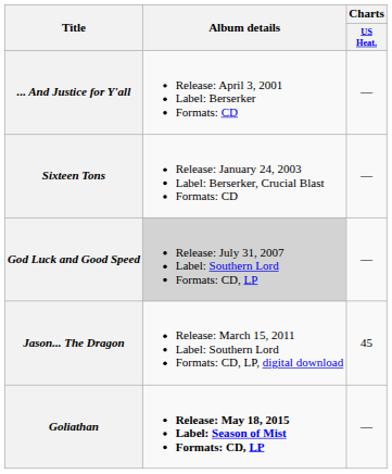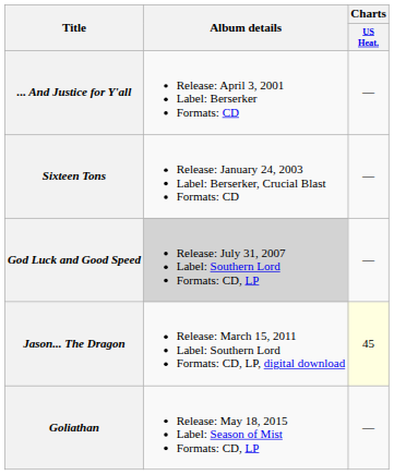 <table class="wikitable plainrowheaders">
 <tr>
 <th rowspan=2>Title</th>
 <th rowspan=2>Album details</th>
 <th>Charts</th>
 </tr>
 <tr>
 <th style="width:3em;font-size:75%;text-align:center;"><a href='#'>US<br>Heat.</a></th>
 </tr>
 <tr>
 <th scope="row"><em>... And Justice for Y'all</em></th>
 <td><br><ul><li>Release: April 3, 2001</li><li>Label: Berserker</li><li>Formats: <a href='#'>CD</a></li></ul></td>
 <td style="text-align:center;">—</td>
 </tr>
 <tr>
 <th scope="row"><em>Sixteen Tons</em></th>
 <td><br><ul><li>Release: January 24, 2003</li><li>Label: Berserker, Crucial Blast</li><li>Formats: CD</li></ul></td>
 <td style="text-align:center;">—</td>
 </tr>
 <tr>
 <th scope="row"><em>God Luck and Good Speed</em></th>
 <td style="background: lightgrey;"><br><ul><li>Release: July 31, 2007</li><li>Label: <a href='#'>Southern Lord</a></li><li>Formats: CD, <a href='#'>LP</a></li></ul></td>
 <td style="text-align:center;">—</td>
 </tr>
 <tr>
 <th scope="row"><em>Jason... The Dragon</em></th>
 <td><br><ul><li>Release: March 15, 2011</li><li>Label: Southern Lord</li><li>Formats: CD, LP, <a href='#'>digital download</a></li></ul></td>
-<td style="text-align:center;">45</td>
+<td style="background: lightyellow; text-align:center;">45</td>
 </tr>
 <tr>
 <th scope="row"><em>Goliathan</em></th>
-<td><strong><br><ul><li>Release: May 18, 2015</li><li>Label: <a href='#'>Season of Mist</a></li><li>Formats: CD, <a href='#'>LP</a></li></ul></strong></td>
+<td><br><ul><li>Release: May 18, 2015</li><li>Label: <a href='#'>Season of Mist</a></li><li>Formats: CD, <a href='#'>LP</a></li></ul></td>
 <td style="text-align:center;">—</td>
 </tr>
 </table>
